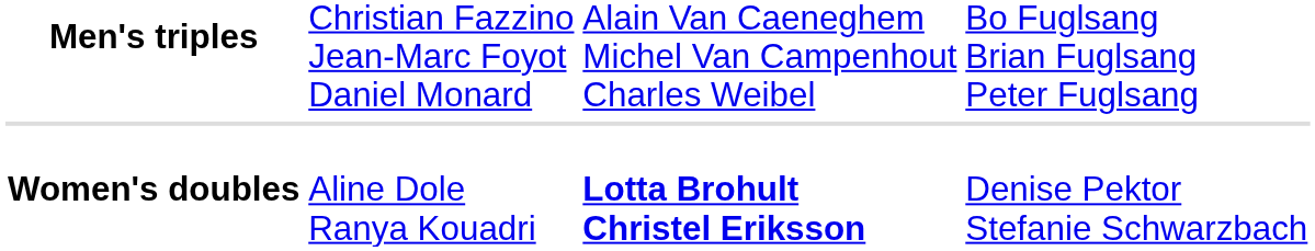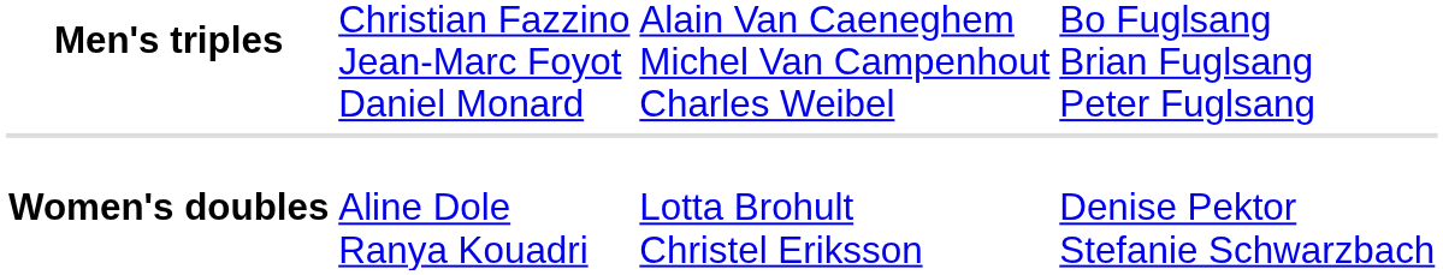 <table>
 <tr>
 <th scope="row">Men's triples</th>
 <td><br><a href='#'>Christian Fazzino</a><br><a href='#'>Jean-Marc Foyot</a><br><a href='#'>Daniel Monard</a></td>
 <td><br><a href='#'>Alain Van Caeneghem</a><br><a href='#'>Michel Van Campenhout</a><br><a href='#'>Charles Weibel</a></td>
 <td><br><a href='#'>Bo Fuglsang</a><br><a href='#'>Brian Fuglsang</a><br><a href='#'>Peter Fuglsang</a></td>
 </tr>
 <tr bgcolor=#DDDDDD>
 <td colspan=4></td>
 </tr>
 <tr>
 <th scope="row">Women's doubles</th>
 <td><br><a href='#'>Aline Dole</a><br><a href='#'>Ranya Kouadri</a></td>
-<td><strong><br><a href='#'>Lotta Brohult</a><br><a href='#'>Christel Eriksson</a></strong></td>
+<td><br><a href='#'>Lotta Brohult</a><br><a href='#'>Christel Eriksson</a></td>
 <td><br><a href='#'>Denise Pektor</a><br><a href='#'>Stefanie Schwarzbach</a></td>
 </tr>
 </table>
